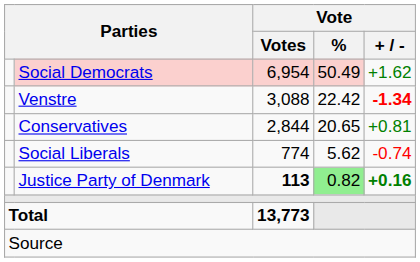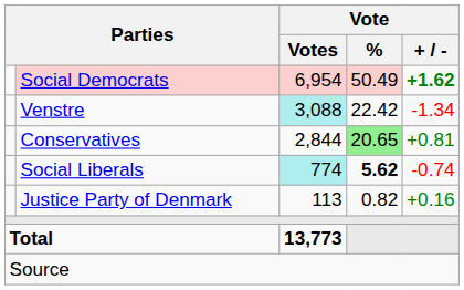 <table class="wikitable" style="text-align:right;">
 <tr>
 <th style="text-align:centre;" rowspan="2" colspan="2" width="225">Parties</th>
 <th colspan="3">Vote</th>
 </tr>
 <tr>
 <th width="15">Votes</th>
 <th width="15">%</th>
 <th width="15">+ / -</th>
 </tr>
 <tr>
 <td width="2" style="color:inherit;background:"></td>
 <td bgcolor=#fbd0ce  align="left"><a href='#'>Social Democrats</a></td>
 <td bgcolor=#fbd0ce>6,954</td>
 <td bgcolor=#fbd0ce>50.49</td>
-<td style=color:green;>+1.62</td>
+<td style=color:green;><strong>+1.62</strong></td>
 </tr>
 <tr>
 <td width="2" style="color:inherit;background:"></td>
 <td align="left"><a href='#'>Venstre</a></td>
-<td>3,088</td>
+<td style="background: paleturquoise;">3,088</td>
 <td>22.42</td>
-<td style=color:red;><strong>-1.34</strong></td>
+<td style=color:red;>-1.34</td>
 </tr>
 <tr>
 <td width="2" style="color:inherit;background:"></td>
 <td align="left"><a href='#'>Conservatives</a></td>
 <td>2,844</td>
-<td>20.65</td>
+<td style="background: lightgreen;">20.65</td>
 <td style=color:green;>+0.81</td>
 </tr>
 <tr>
 <td width="2" style="color:inherit;background:"></td>
 <td align="left"><a href='#'>Social Liberals</a></td>
-<td>774</td>
-<td>5.62</td>
+<td style="background: paleturquoise;">774</td>
+<td><strong>5.62</strong></td>
 <td style=color:red;>-0.74</td>
 </tr>
 <tr>
 <td width="2" style="color:inherit;background:"></td>
 <td align="left"><a href='#'>Justice Party of Denmark</a></td>
-<td><strong>113</strong></td>
-<td style="background: lightgreen;">0.82</td>
-<td style=color:green;><strong>+0.16</strong></td>
+<td>113</td>
+<td>0.82</td>
+<td style=color:green;>+0.16</td>
 </tr>
 <tr>
 <td colspan="7" bgcolor="#E9E9E9"></td>
 </tr>
 <tr>
 <td align="left" colspan="2"><strong>Total</strong></td>
 <td><strong>13,773</strong></td>
 <td bgcolor="#E9E9E9" colspan="2"></td>
 </tr>
 <tr>
 <td align="left" colspan="6">Source</td>
 </tr>
 </table>
